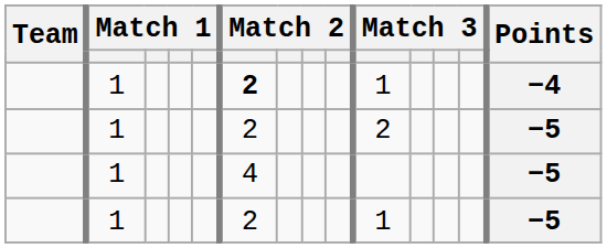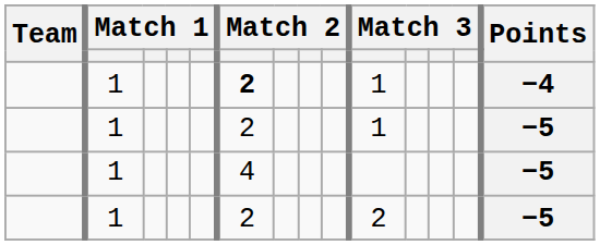 <table class="wikitable sortable" style="text-align:center;">
 <tr>
 <th rowspan=2>Team</th>
 <th colspan=4 style="border-left:3px solid gray">Match 1</th>
 <th colspan=4 style="border-left:3px solid gray">Match 2</th>
 <th colspan=4 style="border-left:3px solid gray">Match 3</th>
 <th rowspan=2 style="border-left:3px solid gray">Points</th>
 </tr>
 <tr>
 <th style="border-left:3px solid gray"></th>
 <th></th>
 <th></th>
 <th></th>
 <th style="border-left:3px solid gray"></th>
 <th></th>
 <th></th>
 <th></th>
 <th style="border-left:3px solid gray"></th>
 <th></th>
 <th></th>
 <th></th>
 </tr>
 <tr>
 <td align=left></td>
 <td style="border-left:3px solid gray">1</td>
 <td></td>
 <td></td>
 <td></td>
 <td style="border-left:3px solid gray"><strong>2</strong></td>
 <td></td>
 <td></td>
 <td></td>
 <td style="border-left:3px solid gray">1</td>
 <td></td>
 <td></td>
 <td></td>
 <th style="border-left:3px solid gray">−4</th>
 </tr>
 <tr>
 <td align=left></td>
 <td style="border-left:3px solid gray">1</td>
 <td></td>
 <td></td>
 <td></td>
 <td style="border-left:3px solid gray">2</td>
 <td></td>
 <td></td>
 <td></td>
-<td style="border-left:3px solid gray">2</td>
+<td style="border-left:3px solid gray">1</td>
 <td></td>
 <td></td>
 <td></td>
 <th style="border-left:3px solid gray">−5</th>
 </tr>
 <tr>
 <td align=left></td>
 <td style="border-left:3px solid gray">1</td>
 <td></td>
 <td></td>
 <td></td>
 <td style="border-left:3px solid gray">4</td>
 <td></td>
 <td></td>
 <td></td>
 <td style="border-left:3px solid gray"></td>
 <td></td>
 <td></td>
 <td></td>
 <th style="border-left:3px solid gray">−5</th>
 </tr>
 <tr>
 <td align=left></td>
 <td style="border-left:3px solid gray">1</td>
 <td></td>
 <td></td>
 <td></td>
 <td style="border-left:3px solid gray">2</td>
 <td></td>
 <td></td>
 <td></td>
-<td style="border-left:3px solid gray">1</td>
+<td style="border-left:3px solid gray">2</td>
 <td></td>
 <td></td>
 <td></td>
 <th style="border-left:3px solid gray">−5</th>
 </tr>
 </table>
